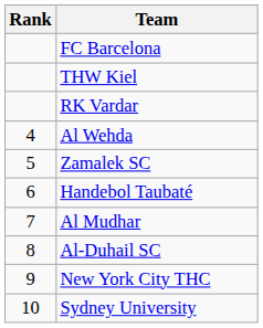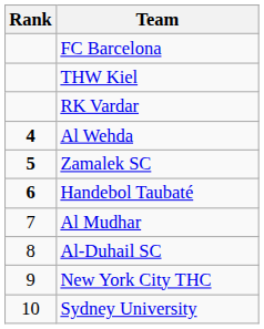 <table class="wikitable">
 <tr>
 <th>Rank</th>
 <th width=170>Team</th>
 </tr>
 <tr>
 <td align=center></td>
 <td> <a href='#'>FC Barcelona</a></td>
 </tr>
 <tr>
 <td align=center></td>
 <td> <a href='#'>THW Kiel</a></td>
 </tr>
 <tr>
 <td align=center></td>
 <td> <a href='#'>RK Vardar</a></td>
 </tr>
 <tr>
-<td align=center>4</td>
+<td align=center><strong>4</strong></td>
 <td> <a href='#'>Al Wehda</a></td>
 </tr>
 <tr>
-<td align=center>5</td>
+<td align=center><strong>5</strong></td>
 <td> <a href='#'>Zamalek SC</a></td>
 </tr>
 <tr>
-<td align=center>6</td>
+<td align=center><strong>6</strong></td>
 <td> <a href='#'>Handebol Taubaté</a></td>
 </tr>
 <tr>
 <td align=center>7</td>
 <td> <a href='#'>Al Mudhar</a></td>
 </tr>
 <tr>
 <td align=center>8</td>
 <td> <a href='#'>Al-Duhail SC</a></td>
 </tr>
 <tr>
 <td align=center>9</td>
 <td> <a href='#'>New York City THC</a></td>
 </tr>
 <tr>
 <td align=center>10</td>
 <td> <a href='#'>Sydney University</a></td>
 </tr>
 </table>
